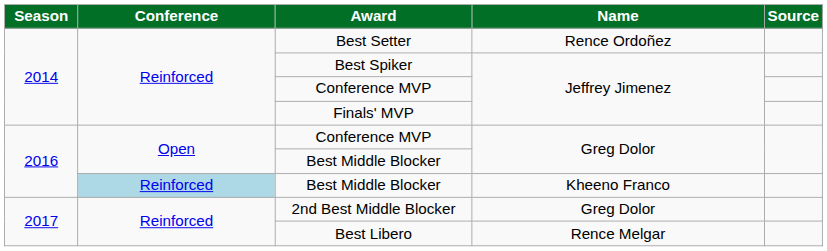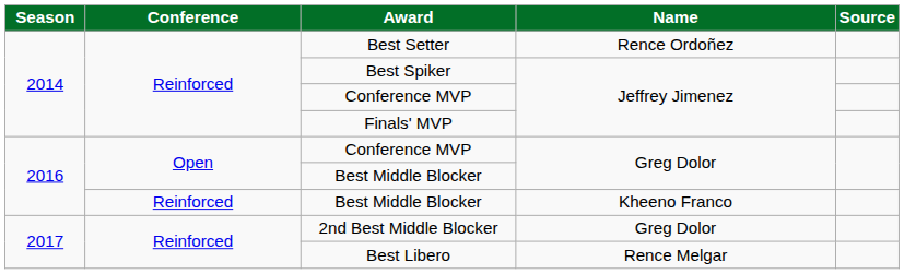 <table class="wikitable">
 <tr>
 <th width=70px style="background: #026f27; color: #FFFFFF"><strong>Season</strong></th>
 <th width=200px style="background: #026f27; color: #FFFFFF"><strong>Conference</strong></th>
 <th width=200px style="background: #026f27; color: #FFFFFF"><strong>Award</strong></th>
 <th width=300px style="background: #026f27; color: #FFFFFF;"><strong>Name</strong></th>
 <th width=50px style="background: #026f27; color: #FFFFFF"><strong>Source</strong></th>
 </tr>
 <tr align="center">
 <td rowspan=4><a href='#'>2014</a></td>
 <td rowspan="4"><a href='#'>Reinforced</a></td>
 <td>Best Setter</td>
 <td> Rence Ordoñez</td>
 <td></td>
 </tr>
 <tr align="center">
 <td>Best Spiker</td>
 <td rowspan=3> Jeffrey Jimenez</td>
 <td></td>
 </tr>
 <tr align="center">
 <td>Conference MVP</td>
 <td></td>
 </tr>
 <tr align="center">
 <td>Finals' MVP</td>
 <td></td>
 </tr>
 <tr align="center">
 <td rowspan="3"><a href='#'>2016</a></td>
 <td rowspan="2"><a href='#'>Open</a></td>
 <td>Conference MVP</td>
 <td rowspan="2"> Greg Dolor</td>
 <td rowspan=2></td>
 </tr>
 <tr align="center">
 <td>Best Middle Blocker</td>
 </tr>
 <tr align="center">
-<td rowspan="1" style="background: lightblue;"><a href='#'>Reinforced</a></td>
+<td rowspan="1"><a href='#'>Reinforced</a></td>
 <td>Best Middle Blocker</td>
 <td> Kheeno Franco</td>
 <td></td>
 </tr>
 <tr align="center">
 <td rowspan=2><a href='#'>2017</a> </td>
 <td rowspan=2><a href='#'>Reinforced</a></td>
 <td>2nd Best Middle Blocker</td>
 <td> Greg Dolor</td>
 <td></td>
 </tr>
 <tr align="center">
 <td>Best Libero</td>
 <td> Rence Melgar</td>
 <td></td>
 </tr>
 </table>
